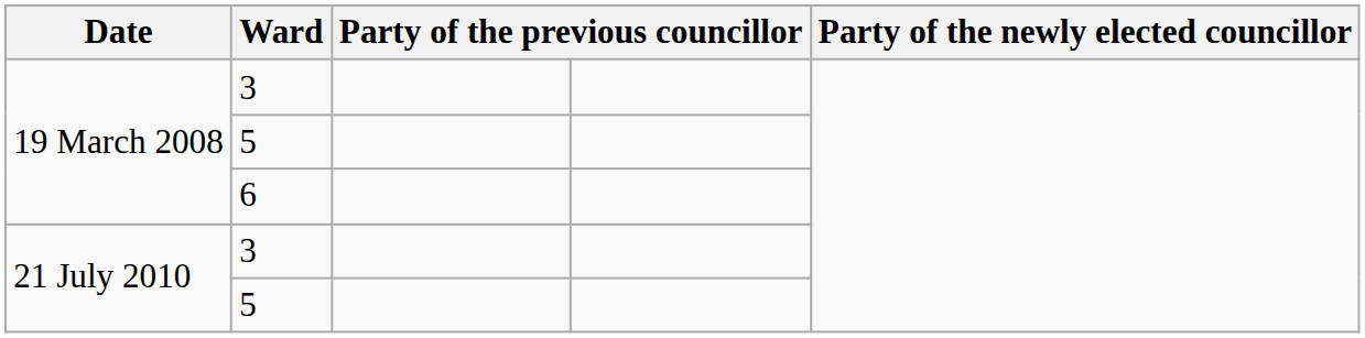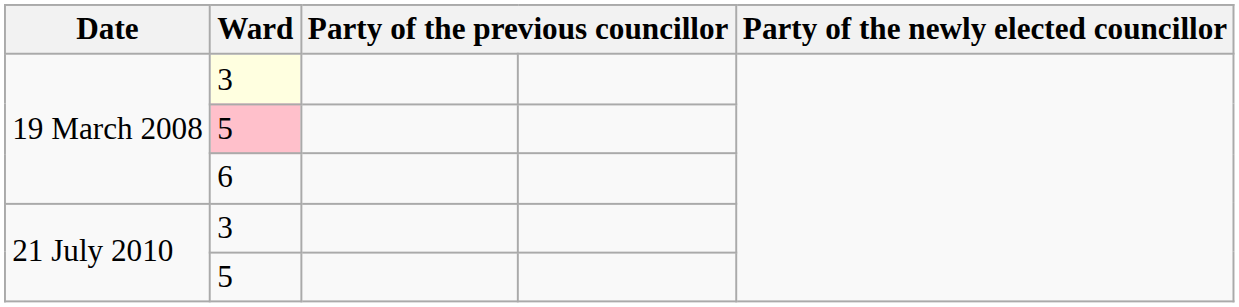 <table class="wikitable">
 <tr>
 <th>Date</th>
 <th>Ward</th>
 <th colspan=2>Party of the previous councillor</th>
 <th colspan=2>Party of the newly elected councillor</th>
 </tr>
 <tr>
 <td rowspan=3>19 March 2008</td>
-<td>3</td>
+<td style="background: lightyellow;">3</td>
 <td></td>
 <td></td>
 </tr>
 <tr>
-<td>5</td>
+<td style="background: pink;">5</td>
 <td></td>
 <td></td>
 </tr>
 <tr>
 <td>6</td>
 <td></td>
 <td></td>
 </tr>
 <tr>
 <td rowspan=2>21 July 2010</td>
 <td>3</td>
 <td></td>
 <td></td>
 </tr>
 <tr>
 <td>5</td>
 <td></td>
 <td></td>
 </tr>
 </table>
